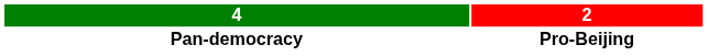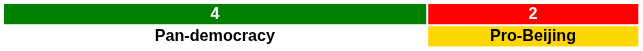 <table style="width:50%; text-align:center;">
 <tr style="color:white;">
 <td style="background:green; width:66.7%;"><strong>4</strong></td>
 <td style="background:red; width:33.3%;"><strong>2</strong></td>
 </tr>
 <tr>
 <td><span><strong>Pan-democracy</strong></span></td>
-<td><span><strong>Pro-Beijing</strong></span></td>
+<td style="background: gold;"><span><strong>Pro-Beijing</strong></span></td>
 </tr>
 </table>
